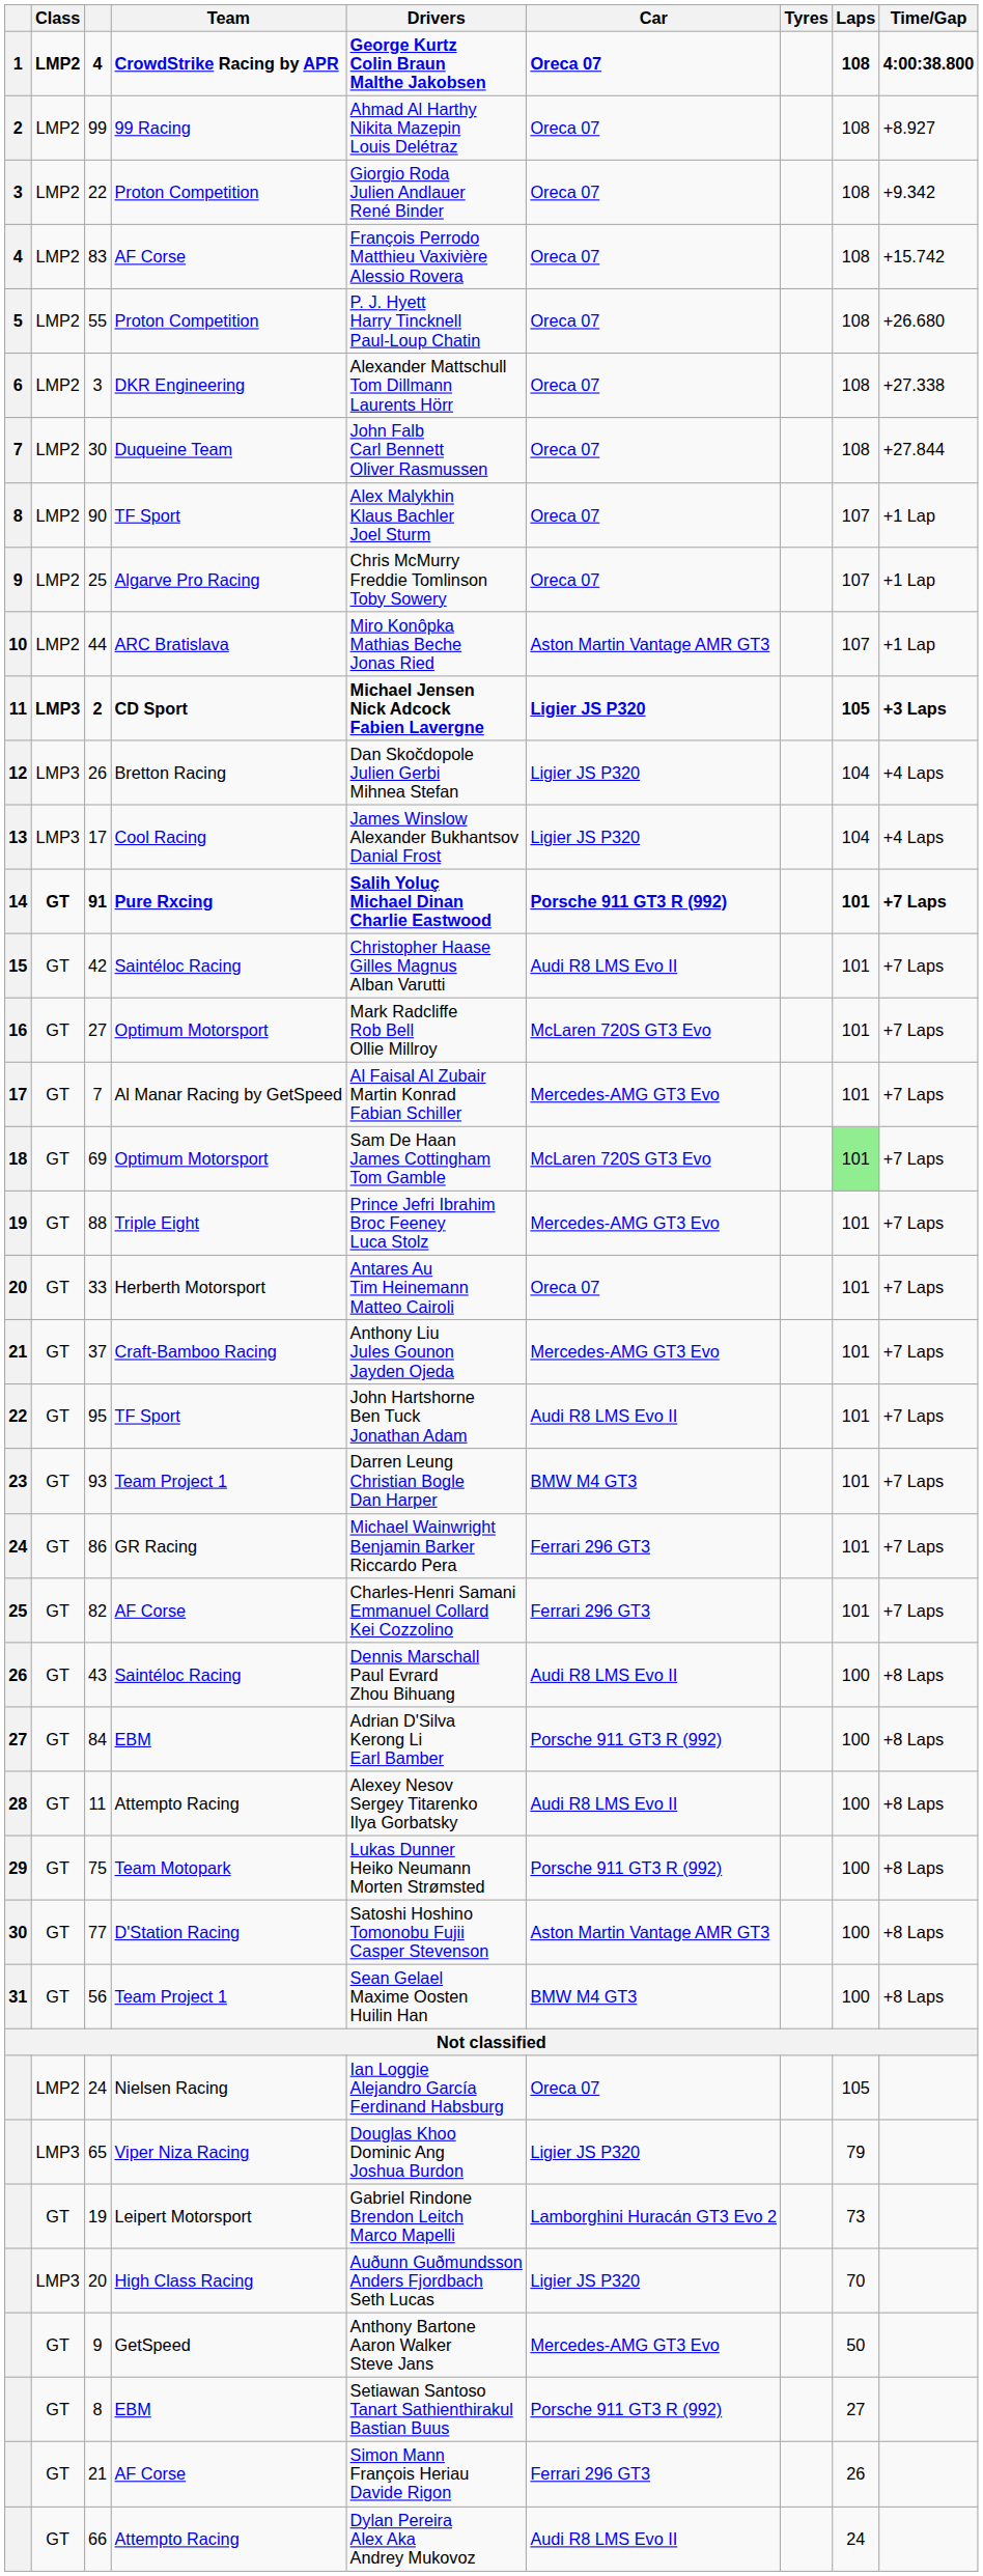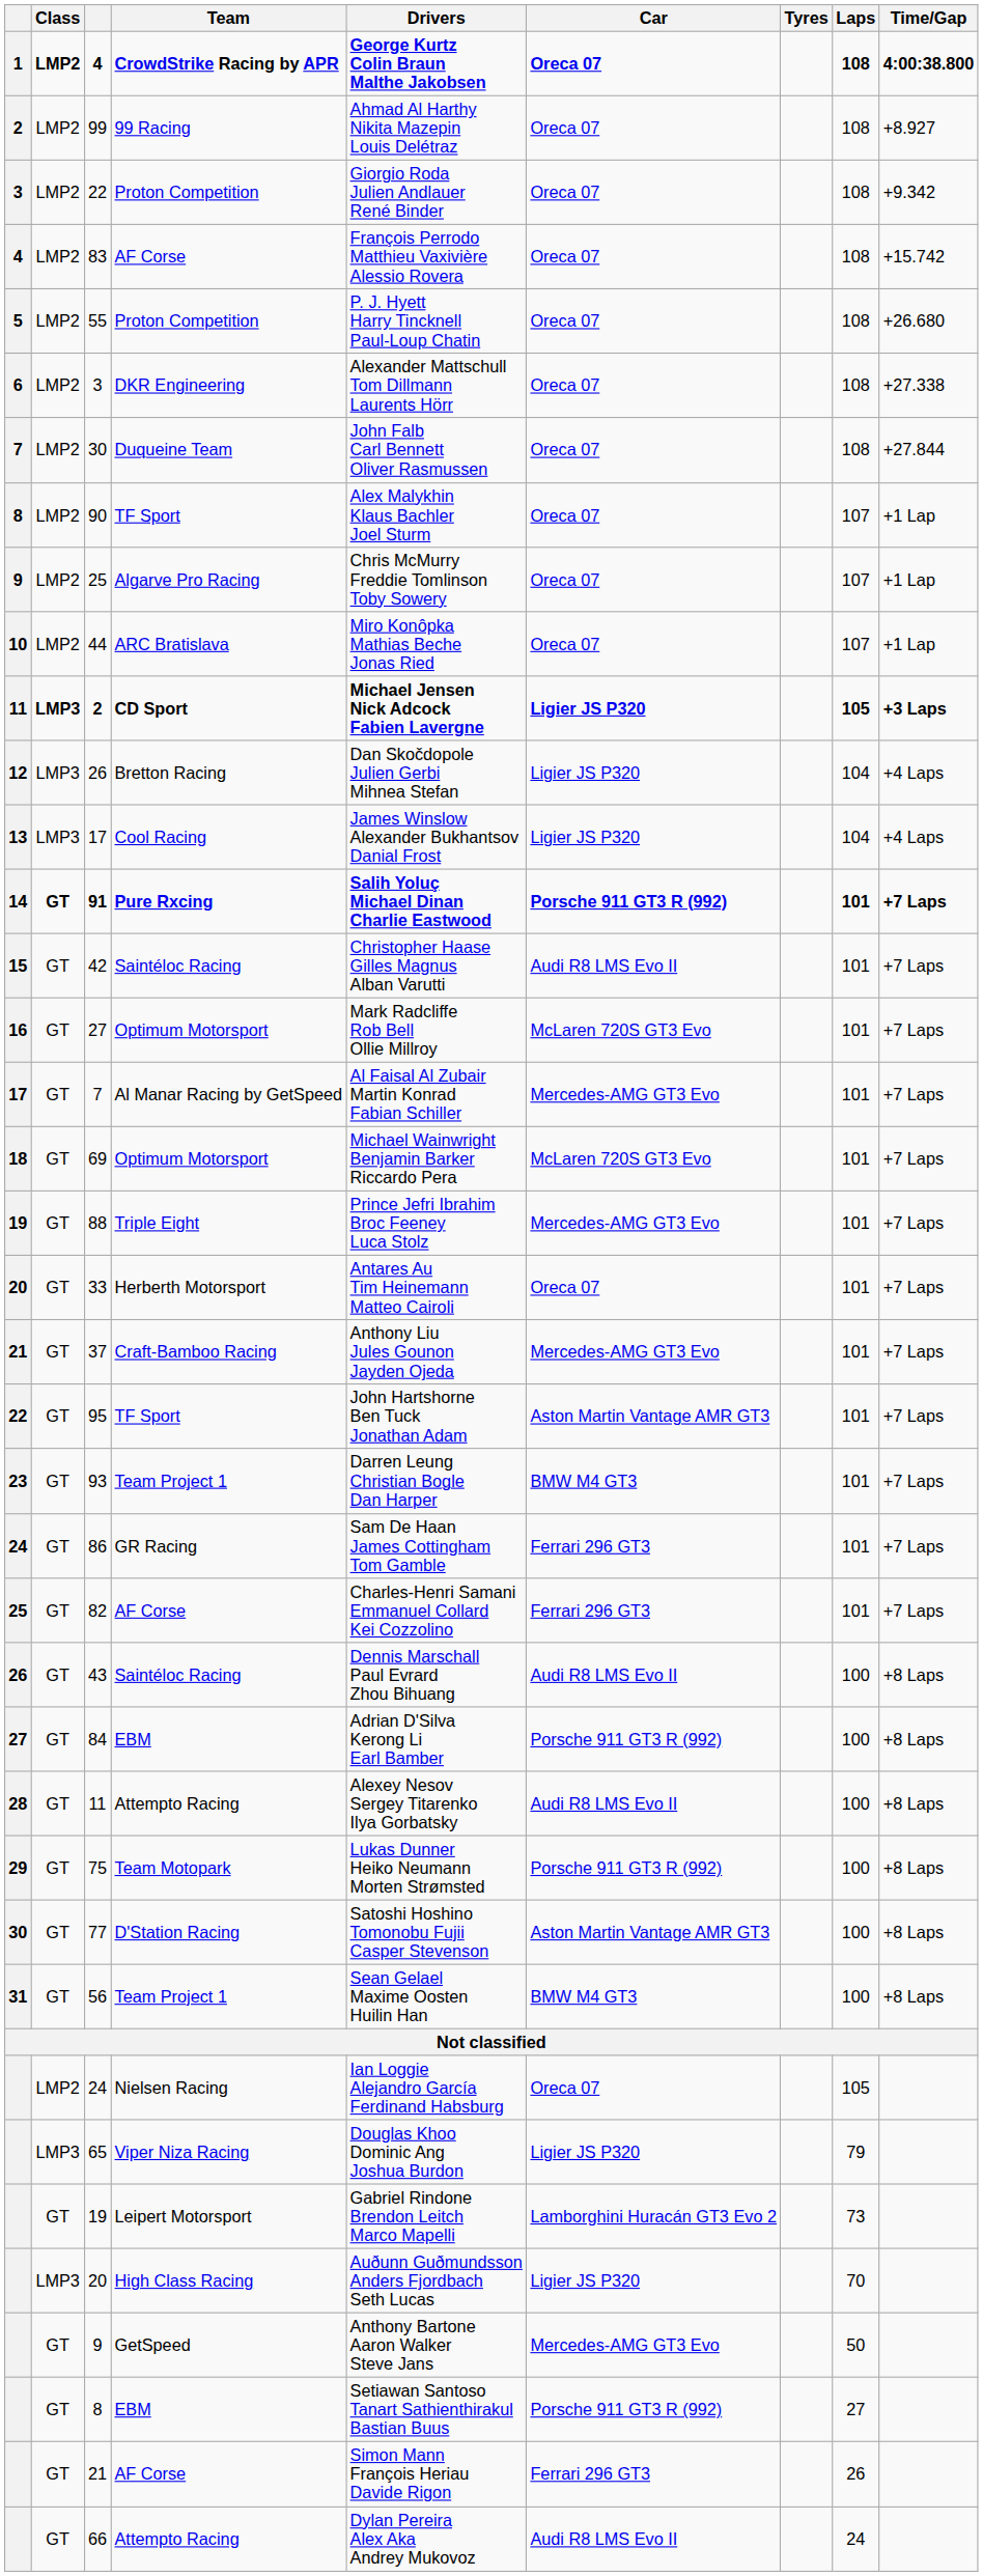 <table class="wikitable" style="font-size:95%;">
 <tr>
 <th></th>
 <th>Class</th>
 <th></th>
 <th>Team</th>
 <th>Drivers</th>
 <th>Car</th>
 <th>Tyres</th>
 <th>Laps</th>
 <th>Time/Gap</th>
 </tr>
 <tr style="font-weight: bold;">
 <th>1</th>
 <td align="center">LMP2</td>
 <td align="center">4</td>
 <td> <a href='#'>CrowdStrike</a> Racing by <a href='#'>APR</a></td>
 <td> <a href='#'>George Kurtz</a><br> <a href='#'>Colin Braun</a><br> <a href='#'>Malthe Jakobsen</a></td>
 <td><a href='#'>Oreca 07</a></td>
 <td align="center"></td>
 <td align="center">108</td>
 <td align="center">4:00:38.800</td>
 </tr>
 <tr>
 <th>2</th>
 <td align="center">LMP2</td>
 <td align="center">99</td>
 <td> <a href='#'>99 Racing</a></td>
 <td> <a href='#'>Ahmad Al Harthy</a><br> <a href='#'>Nikita Mazepin</a><br> <a href='#'>Louis Delétraz</a></td>
 <td><a href='#'>Oreca 07</a></td>
 <td align="center"></td>
 <td align="center">108</td>
 <td>+8.927</td>
 </tr>
 <tr>
 <th>3</th>
 <td align="center">LMP2</td>
 <td align="center">22</td>
 <td> <a href='#'>Proton Competition</a></td>
 <td> <a href='#'>Giorgio Roda</a><br> <a href='#'>Julien Andlauer</a><br> <a href='#'>René Binder</a></td>
 <td><a href='#'>Oreca 07</a></td>
 <td align="center"></td>
 <td align="center">108</td>
 <td>+9.342</td>
 </tr>
 <tr>
 <th>4</th>
 <td align="center">LMP2</td>
 <td align="center">83</td>
 <td> <a href='#'>AF Corse</a></td>
 <td> <a href='#'>François Perrodo</a><br> <a href='#'>Matthieu Vaxivière</a><br> <a href='#'>Alessio Rovera</a></td>
 <td><a href='#'>Oreca 07</a></td>
 <td align="center"></td>
 <td align="center">108</td>
 <td>+15.742</td>
 </tr>
 <tr>
 <th>5</th>
 <td align="center">LMP2</td>
 <td align="center">55</td>
 <td> <a href='#'>Proton Competition</a></td>
 <td> <a href='#'>P. J. Hyett</a><br> <a href='#'>Harry Tincknell</a><br> <a href='#'>Paul-Loup Chatin</a></td>
 <td><a href='#'>Oreca 07</a></td>
 <td align="center"></td>
 <td align="center">108</td>
 <td>+26.680</td>
 </tr>
 <tr>
 <th>6</th>
 <td align="center">LMP2</td>
 <td align="center">3</td>
 <td> <a href='#'>DKR Engineering</a></td>
 <td> Alexander Mattschull<br> <a href='#'>Tom Dillmann</a><br> <a href='#'>Laurents Hörr</a></td>
 <td><a href='#'>Oreca 07</a></td>
 <td align="center"></td>
 <td align="center">108</td>
 <td>+27.338</td>
 </tr>
 <tr>
 <th>7</th>
 <td align="center">LMP2</td>
 <td align="center">30</td>
 <td> <a href='#'>Duqueine Team</a></td>
 <td> <a href='#'>John Falb</a><br> <a href='#'>Carl Bennett</a><br> <a href='#'>Oliver Rasmussen</a></td>
 <td><a href='#'>Oreca 07</a></td>
 <td align="center"></td>
 <td align="center">108</td>
 <td>+27.844</td>
 </tr>
 <tr>
 <th>8</th>
 <td align="center">LMP2</td>
 <td align="center">90</td>
 <td> <a href='#'>TF Sport</a></td>
 <td> <a href='#'>Alex Malykhin</a><br> <a href='#'>Klaus Bachler</a><br> <a href='#'>Joel Sturm</a></td>
 <td><a href='#'>Oreca 07</a></td>
 <td align="center"></td>
 <td align="center">107</td>
 <td>+1 Lap</td>
 </tr>
 <tr>
 <th>9</th>
 <td align="center">LMP2</td>
 <td align="center">25</td>
 <td> <a href='#'>Algarve Pro Racing</a></td>
 <td> Chris McMurry<br> Freddie Tomlinson<br> <a href='#'>Toby Sowery</a></td>
 <td><a href='#'>Oreca 07</a></td>
 <td align="center"></td>
 <td align="center">107</td>
 <td>+1 Lap</td>
 </tr>
 <tr>
 <th>10</th>
 <td align="center">LMP2</td>
 <td align="center">44</td>
 <td> <a href='#'>ARC Bratislava</a></td>
 <td> <a href='#'>Miro Konôpka</a><br> <a href='#'>Mathias Beche</a><br> <a href='#'>Jonas Ried</a></td>
-<td><a href='#'>Aston Martin Vantage AMR GT3</a></td>
+<td><a href='#'>Oreca 07</a></td>
 <td align="center"></td>
 <td align="center">107</td>
 <td>+1 Lap</td>
 </tr>
 <tr style="font-weight: bold;">
 <th>11</th>
 <td align="center">LMP3</td>
 <td align="center">2</td>
 <td> CD Sport</td>
 <td> Michael Jensen<br> Nick Adcock<br> <a href='#'>Fabien Lavergne</a></td>
 <td><a href='#'>Ligier JS P320</a></td>
 <td align="center"></td>
 <td align="center">105</td>
 <td>+3 Laps</td>
 </tr>
 <tr>
 <th>12</th>
 <td align="center">LMP3</td>
 <td align="center">26</td>
 <td> Bretton Racing</td>
 <td> Dan Skočdopole<br> <a href='#'>Julien Gerbi</a><br> Mihnea Stefan</td>
 <td><a href='#'>Ligier JS P320</a></td>
 <td align="center"></td>
 <td align="center">104</td>
 <td>+4 Laps</td>
 </tr>
 <tr>
 <th>13</th>
 <td align="center">LMP3</td>
 <td align="center">17</td>
 <td> <a href='#'>Cool Racing</a></td>
 <td> <a href='#'>James Winslow</a><br> Alexander Bukhantsov<br> <a href='#'>Danial Frost</a></td>
 <td><a href='#'>Ligier JS P320</a></td>
 <td align="center"></td>
 <td align="center">104</td>
 <td>+4 Laps</td>
 </tr>
 <tr style="font-weight: bold;">
 <th>14</th>
 <td align="center">GT</td>
 <td align="center">91</td>
 <td> <a href='#'>Pure Rxcing</a></td>
 <td> <a href='#'>Salih Yoluç</a><br> <a href='#'>Michael Dinan</a><br> <a href='#'>Charlie Eastwood</a></td>
 <td><a href='#'>Porsche 911 GT3 R (992)</a></td>
 <td align="center"></td>
 <td align="center">101</td>
 <td>+7 Laps</td>
 </tr>
 <tr>
 <th>15</th>
 <td align="center">GT</td>
 <td align="center">42</td>
 <td> <a href='#'>Saintéloc Racing</a></td>
 <td> <a href='#'>Christopher Haase</a><br> <a href='#'>Gilles Magnus</a><br> Alban Varutti</td>
 <td><a href='#'>Audi R8 LMS Evo II</a></td>
 <td align="center"></td>
 <td align="center">101</td>
 <td>+7 Laps</td>
 </tr>
 <tr>
 <th>16</th>
 <td align="center">GT</td>
 <td align="center">27</td>
 <td> <a href='#'>Optimum Motorsport</a></td>
 <td> Mark Radcliffe<br> <a href='#'>Rob Bell</a><br> Ollie Millroy</td>
 <td><a href='#'>McLaren 720S GT3 Evo</a></td>
 <td align="center"></td>
 <td align="center">101</td>
 <td>+7 Laps</td>
 </tr>
 <tr>
 <th>17</th>
 <td align="center">GT</td>
 <td align="center">7</td>
 <td> Al Manar Racing by GetSpeed</td>
 <td> <a href='#'>Al Faisal Al Zubair</a><br> Martin Konrad<br> <a href='#'>Fabian Schiller</a></td>
 <td><a href='#'>Mercedes-AMG GT3 Evo</a></td>
 <td align="center"></td>
 <td align="center">101</td>
 <td>+7 Laps</td>
 </tr>
 <tr>
 <th>18</th>
 <td align="center">GT</td>
 <td align="center">69</td>
 <td> <a href='#'>Optimum Motorsport</a></td>
-<td> Sam De Haan<br> <a href='#'>James Cottingham</a><br> <a href='#'>Tom Gamble</a></td>
+<td> <a href='#'>Michael Wainwright</a><br> <a href='#'>Benjamin Barker</a><br> Riccardo Pera</td>
 <td><a href='#'>McLaren 720S GT3 Evo</a></td>
 <td align="center"></td>
-<td align="center" style="background: lightgreen;">101</td>
+<td align="center">101</td>
 <td>+7 Laps</td>
 </tr>
 <tr>
 <th>19</th>
 <td align="center">GT</td>
 <td align="center">88</td>
 <td> <a href='#'>Triple Eight</a></td>
 <td> <a href='#'>Prince Jefri Ibrahim</a><br> <a href='#'>Broc Feeney</a><br> <a href='#'>Luca Stolz</a></td>
 <td><a href='#'>Mercedes-AMG GT3 Evo</a></td>
 <td align="center"></td>
 <td align="center">101</td>
 <td>+7 Laps</td>
 </tr>
 <tr>
 <th>20</th>
 <td align="center">GT</td>
 <td align="center">33</td>
 <td> Herberth Motorsport</td>
 <td> <a href='#'>Antares Au</a><br> <a href='#'>Tim Heinemann</a><br> <a href='#'>Matteo Cairoli</a></td>
 <td><a href='#'>Oreca 07</a></td>
 <td align="center"></td>
 <td align="center">101</td>
 <td>+7 Laps</td>
 </tr>
 <tr>
 <th>21</th>
 <td align="center">GT</td>
 <td align="center">37</td>
 <td> <a href='#'>Craft-Bamboo Racing</a></td>
 <td> Anthony Liu<br> <a href='#'>Jules Gounon</a><br> <a href='#'>Jayden Ojeda</a></td>
 <td><a href='#'>Mercedes-AMG GT3 Evo</a></td>
 <td align="center"></td>
 <td align="center">101</td>
 <td>+7 Laps</td>
 </tr>
 <tr>
 <th>22</th>
 <td align="center">GT</td>
 <td align="center">95</td>
 <td> <a href='#'>TF Sport</a></td>
 <td> John Hartshorne<br> Ben Tuck<br> <a href='#'>Jonathan Adam</a></td>
-<td><a href='#'>Audi R8 LMS Evo II</a></td>
+<td><a href='#'>Aston Martin Vantage AMR GT3</a></td>
 <td align="center"></td>
 <td align="center">101</td>
 <td>+7 Laps</td>
 </tr>
 <tr>
 <th>23</th>
 <td align="center">GT</td>
 <td align="center">93</td>
 <td> <a href='#'>Team Project 1</a></td>
 <td> Darren Leung<br> <a href='#'>Christian Bogle</a><br> <a href='#'>Dan Harper</a></td>
 <td><a href='#'>BMW M4 GT3</a></td>
 <td align="center"></td>
 <td align="center">101</td>
 <td>+7 Laps</td>
 </tr>
 <tr>
 <th>24</th>
 <td align="center">GT</td>
 <td align="center">86</td>
 <td> GR Racing</td>
-<td> <a href='#'>Michael Wainwright</a><br> <a href='#'>Benjamin Barker</a><br> Riccardo Pera</td>
+<td> Sam De Haan<br> <a href='#'>James Cottingham</a><br> <a href='#'>Tom Gamble</a></td>
 <td><a href='#'>Ferrari 296 GT3</a></td>
 <td align="center"></td>
 <td align="center">101</td>
 <td>+7 Laps</td>
 </tr>
 <tr>
 <th>25</th>
 <td align="center">GT</td>
 <td align="center">82</td>
 <td> <a href='#'>AF Corse</a></td>
 <td> Charles-Henri Samani<br> <a href='#'>Emmanuel Collard</a><br> <a href='#'>Kei Cozzolino</a></td>
 <td><a href='#'>Ferrari 296 GT3</a></td>
 <td align="center"></td>
 <td align="center">101</td>
 <td>+7 Laps</td>
 </tr>
 <tr>
 <th>26</th>
 <td align="center">GT</td>
 <td align="center">43</td>
 <td> <a href='#'>Saintéloc Racing</a></td>
 <td> <a href='#'>Dennis Marschall</a><br> Paul Evrard<br> Zhou Bihuang</td>
 <td><a href='#'>Audi R8 LMS Evo II</a></td>
 <td align="center"></td>
 <td align="center">100</td>
 <td>+8 Laps</td>
 </tr>
 <tr>
 <th>27</th>
 <td align="center">GT</td>
 <td align="center">84</td>
 <td> <a href='#'>EBM</a></td>
 <td> Adrian D'Silva<br> Kerong Li<br> <a href='#'>Earl Bamber</a></td>
 <td><a href='#'>Porsche 911 GT3 R (992)</a></td>
 <td align="center"></td>
 <td align="center">100</td>
 <td>+8 Laps</td>
 </tr>
 <tr>
 <th>28</th>
 <td align="center">GT</td>
 <td align="center">11</td>
 <td> Attempto Racing</td>
 <td> Alexey Nesov<br> Sergey Titarenko<br> Ilya Gorbatsky</td>
 <td><a href='#'>Audi R8 LMS Evo II</a></td>
 <td align="center"></td>
 <td align="center">100</td>
 <td>+8 Laps</td>
 </tr>
 <tr>
 <th>29</th>
 <td align="center">GT</td>
 <td align="center">75</td>
 <td> <a href='#'>Team Motopark</a></td>
 <td> <a href='#'>Lukas Dunner</a><br> Heiko Neumann<br> Morten Strømsted</td>
 <td><a href='#'>Porsche 911 GT3 R (992)</a></td>
 <td align="center"></td>
 <td align="center">100</td>
 <td>+8 Laps</td>
 </tr>
 <tr>
 <th>30</th>
 <td align="center">GT</td>
 <td align="center">77</td>
 <td> <a href='#'>D'Station Racing</a></td>
 <td> Satoshi Hoshino<br> <a href='#'>Tomonobu Fujii</a><br> <a href='#'>Casper Stevenson</a></td>
 <td><a href='#'>Aston Martin Vantage AMR GT3</a></td>
 <td align="center"></td>
 <td align="center">100</td>
 <td>+8 Laps</td>
 </tr>
 <tr>
 <th>31</th>
 <td align="center">GT</td>
 <td align="center">56</td>
 <td> <a href='#'>Team Project 1</a></td>
 <td> <a href='#'>Sean Gelael</a><br> Maxime Oosten<br> Huilin Han</td>
 <td><a href='#'>BMW M4 GT3</a></td>
 <td align="center"></td>
 <td align="center">100</td>
 <td>+8 Laps</td>
 </tr>
 <tr>
 <th colspan="9">Not classified</th>
 </tr>
 <tr>
 <th></th>
 <td align="center">LMP2</td>
 <td align="center">24</td>
 <td> Nielsen Racing</td>
 <td> <a href='#'>Ian Loggie</a><br> <a href='#'>Alejandro García</a><br> <a href='#'>Ferdinand Habsburg</a></td>
 <td><a href='#'>Oreca 07</a></td>
 <td align="center"></td>
 <td align="center">105</td>
 <td></td>
 </tr>
 <tr>
 <th></th>
 <td align="center">LMP3</td>
 <td align="center">65</td>
 <td> <a href='#'>Viper Niza Racing</a></td>
 <td> <a href='#'>Douglas Khoo</a><br> Dominic Ang<br> <a href='#'>Joshua Burdon</a></td>
 <td><a href='#'>Ligier JS P320</a></td>
 <td align="center"></td>
 <td align="center">79</td>
 <td></td>
 </tr>
 <tr>
 <th></th>
 <td align="center">GT</td>
 <td align="center">19</td>
 <td> Leipert Motorsport</td>
 <td> Gabriel Rindone<br> <a href='#'>Brendon Leitch</a><br> <a href='#'>Marco Mapelli</a></td>
 <td><a href='#'>Lamborghini Huracán GT3 Evo 2</a></td>
 <td align="center"></td>
 <td align="center">73</td>
 <td></td>
 </tr>
 <tr>
 <th></th>
 <td align="center">LMP3</td>
 <td align="center">20</td>
 <td> <a href='#'>High Class Racing</a></td>
 <td> <a href='#'>Auðunn Guðmundsson</a><br> <a href='#'>Anders Fjordbach</a><br> Seth Lucas</td>
 <td><a href='#'>Ligier JS P320</a></td>
 <td align="center"></td>
 <td align="center">70</td>
 <td></td>
 </tr>
 <tr>
 <th></th>
 <td align="center">GT</td>
 <td align="center">9</td>
 <td> GetSpeed</td>
 <td> Anthony Bartone<br> Aaron Walker<br> Steve Jans</td>
 <td><a href='#'>Mercedes-AMG GT3 Evo</a></td>
 <td align="center"></td>
 <td align="center">50</td>
 <td></td>
 </tr>
 <tr>
 <th></th>
 <td align="center">GT</td>
 <td align="center">8</td>
 <td> <a href='#'>EBM</a></td>
 <td> Setiawan Santoso<br> <a href='#'>Tanart Sathienthirakul</a><br> <a href='#'>Bastian Buus</a></td>
 <td><a href='#'>Porsche 911 GT3 R (992)</a></td>
 <td align="center"></td>
 <td align="center">27</td>
 <td></td>
 </tr>
 <tr>
 <th></th>
 <td align="center">GT</td>
 <td align="center">21</td>
 <td> <a href='#'>AF Corse</a></td>
 <td> <a href='#'>Simon Mann</a><br> François Heriau<br> <a href='#'>Davide Rigon</a></td>
 <td><a href='#'>Ferrari 296 GT3</a></td>
 <td align="center"></td>
 <td align="center">26</td>
 <td></td>
 </tr>
 <tr>
 <th></th>
 <td align="center">GT</td>
 <td align="center">66</td>
 <td> <a href='#'>Attempto Racing</a></td>
 <td> <a href='#'>Dylan Pereira</a><br> <a href='#'>Alex Aka</a><br> Andrey Mukovoz</td>
 <td><a href='#'>Audi R8 LMS Evo II</a></td>
 <td align="center"></td>
 <td align="center">24</td>
 <td></td>
 </tr>
 </table>
